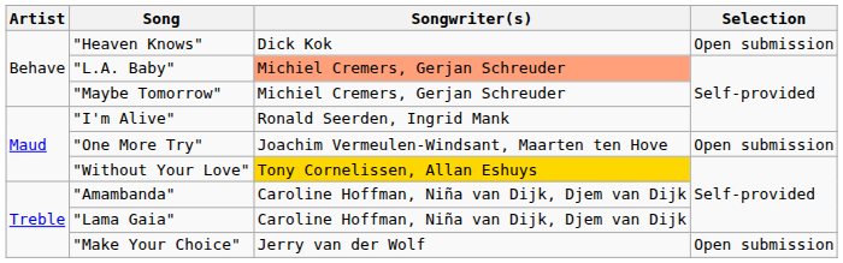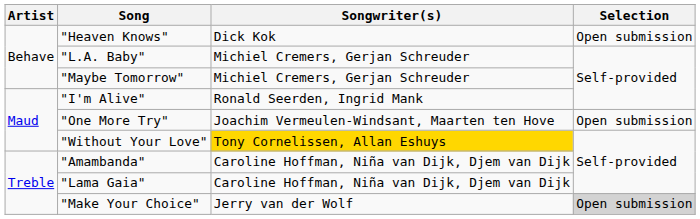 <table class="sortable wikitable" style="margin: 1em auto 1em auto;">
 <tr>
 <th>Artist</th>
 <th>Song</th>
 <th>Songwriter(s)</th>
 <th>Selection</th>
 </tr>
 <tr>
 <td rowspan="3">Behave</td>
 <td>"Heaven Knows"</td>
 <td>Dick Kok</td>
 <td>Open submission</td>
 </tr>
 <tr>
 <td>"L.A. Baby"</td>
-<td style="background: lightsalmon;">Michiel Cremers, Gerjan Schreuder</td>
+<td>Michiel Cremers, Gerjan Schreuder</td>
 <td rowspan="3">Self-provided</td>
 </tr>
 <tr>
 <td>"Maybe Tomorrow"</td>
 <td>Michiel Cremers, Gerjan Schreuder</td>
 </tr>
 <tr>
 <td rowspan="3"><a href='#'>Maud</a></td>
 <td>"I'm Alive"</td>
 <td>Ronald Seerden, Ingrid Mank</td>
 </tr>
 <tr>
 <td>"One More Try"</td>
 <td>Joachim Vermeulen-Windsant, Maarten ten Hove</td>
 <td>Open submission</td>
 </tr>
 <tr>
 <td>"Without Your Love"</td>
 <td style="background: gold;">Tony Cornelissen, Allan Eshuys</td>
 <td rowspan="3">Self-provided</td>
 </tr>
 <tr>
 <td rowspan="3"><a href='#'>Treble</a></td>
 <td>"Amambanda"</td>
 <td>Caroline Hoffman, Niña van Dijk, Djem van Dijk</td>
 </tr>
 <tr>
 <td>"Lama Gaia"</td>
 <td>Caroline Hoffman, Niña van Dijk, Djem van Dijk</td>
 </tr>
 <tr>
 <td>"Make Your Choice"</td>
 <td>Jerry van der Wolf</td>
-<td>Open submission</td>
+<td style="background: lightgrey;">Open submission</td>
 </tr>
 </table>
